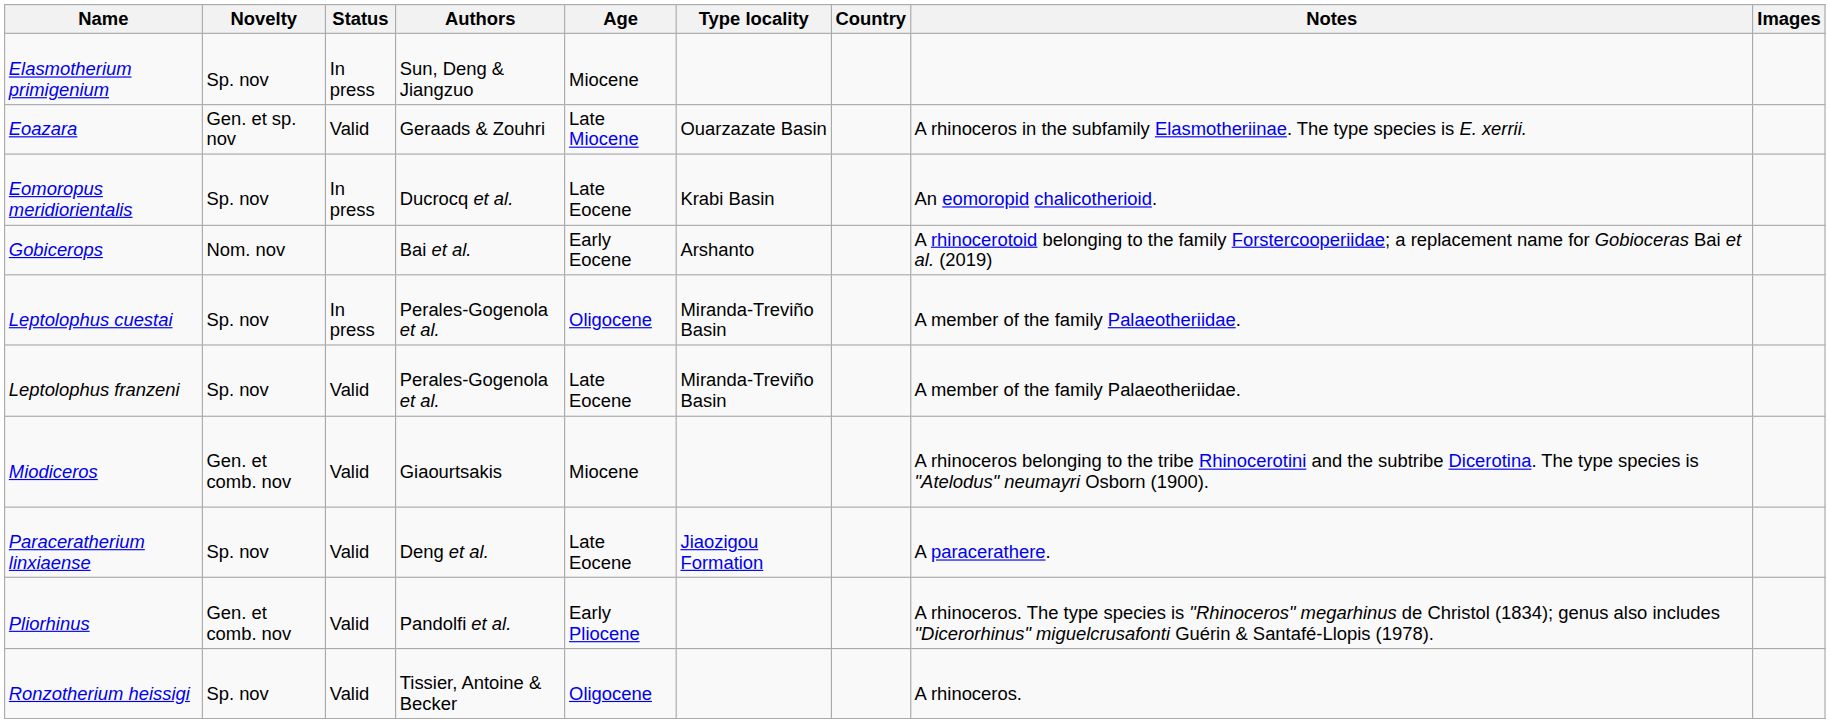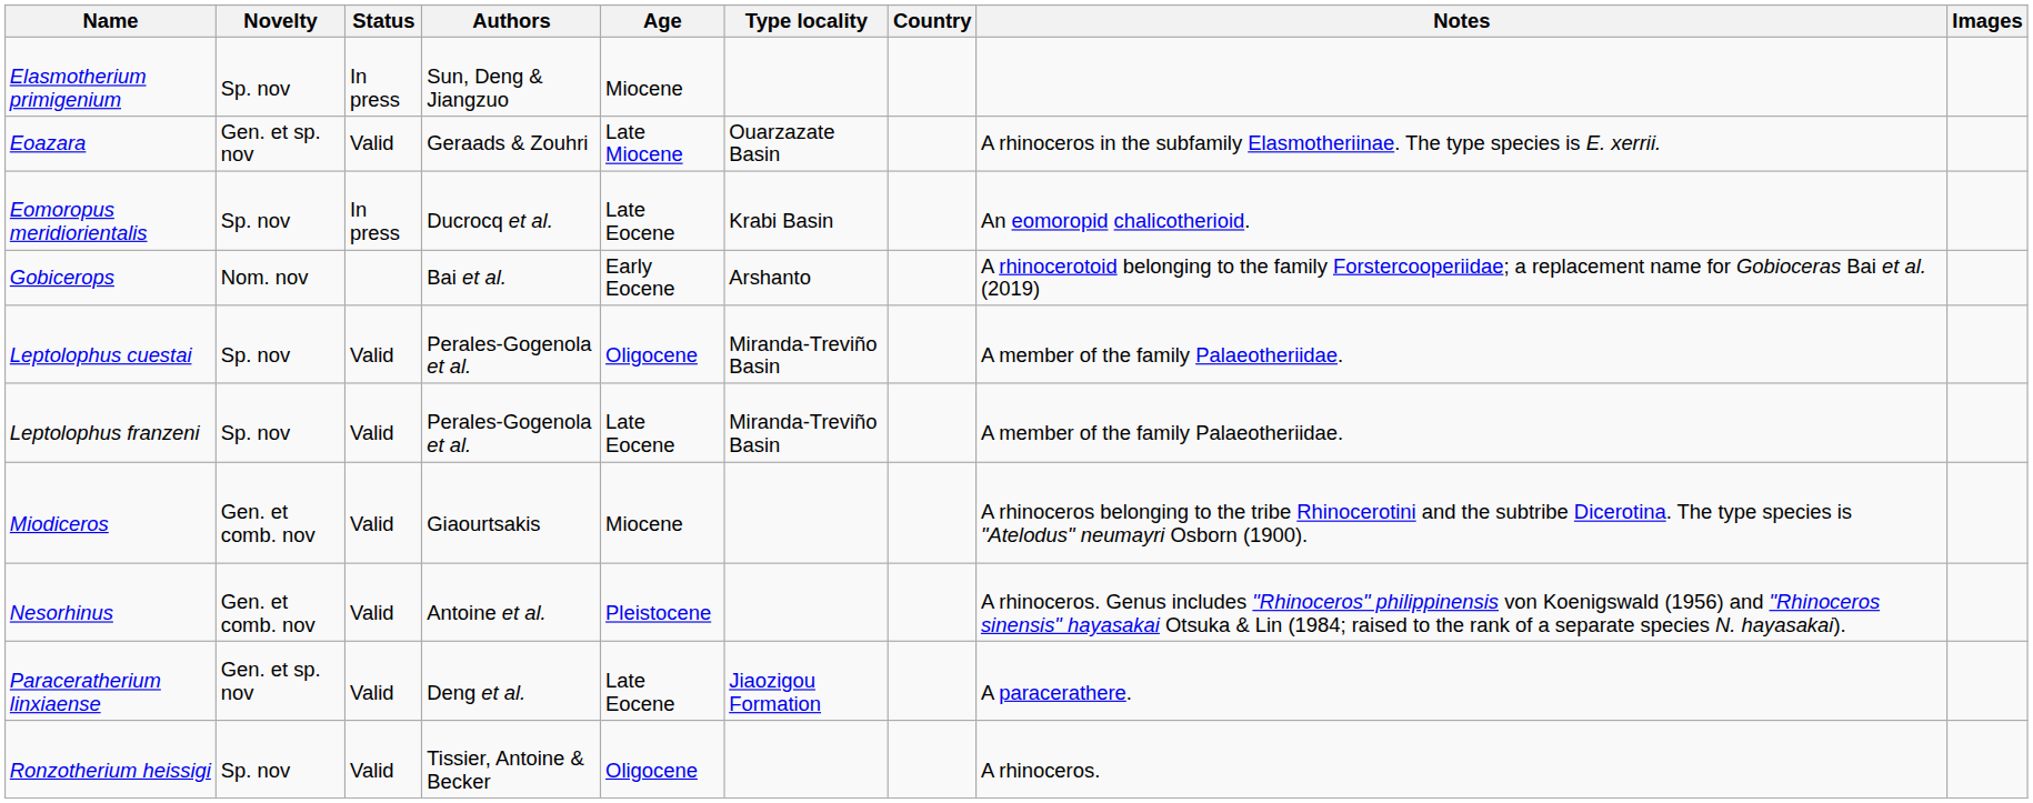 <table class="wikitable sortable" align="center" width="100%">
 <tr>
 <th>Name</th>
 <th>Novelty</th>
 <th>Status</th>
 <th>Authors</th>
 <th>Age</th>
 <th>Type locality</th>
 <th>Country</th>
 <th>Notes</th>
 <th>Images</th>
 </tr>
 <tr>
 <td><br><em><a href='#'>Elasmotherium primigenium</a></em></td>
 <td><br>Sp. nov</td>
 <td><br>In press</td>
 <td><br>Sun, Deng & Jiangzuo</td>
 <td><br>Miocene</td>
 <td></td>
 <td><br></td>
 <td></td>
 <td></td>
 </tr>
 <tr>
 <td><em><a href='#'>Eoazara</a></em></td>
 <td>Gen. et sp. nov</td>
 <td>Valid</td>
 <td>Geraads & Zouhri</td>
 <td>Late <a href='#'>Miocene</a></td>
 <td>Ouarzazate Basin</td>
 <td></td>
 <td>A rhinoceros in the subfamily <a href='#'>Elasmotheriinae</a>. The type species is <em>E. xerrii.</em></td>
 <td></td>
 </tr>
 <tr>
 <td><br><em><a href='#'>Eomoropus meridiorientalis</a></em></td>
 <td><br>Sp. nov</td>
 <td><br>In press</td>
 <td><br>Ducrocq <em>et al.</em></td>
 <td><br>Late Eocene</td>
 <td><br>Krabi Basin</td>
 <td><br></td>
 <td><br>An <a href='#'>eomoropid</a> <a href='#'>chalicotherioid</a>.</td>
 <td></td>
 </tr>
 <tr>
 <td><em><a href='#'>Gobicerops</a></em></td>
 <td>Nom. nov</td>
 <td></td>
 <td>Bai <em>et al.</em></td>
 <td>Early Eocene</td>
 <td>Arshanto</td>
 <td></td>
 <td>A <a href='#'>rhinocerotoid</a> belonging to the family <a href='#'>Forstercooperiidae</a>; a replacement name for <em>Gobioceras</em> Bai  <em>et al.</em> (2019)</td>
 <td></td>
 </tr>
 <tr>
 <td><br><em><a href='#'>Leptolophus cuestai</a></em></td>
 <td><br>Sp. nov</td>
-<td><br>In press</td>
+<td><br>Valid</td>
 <td><br>Perales-Gogenola <em>et al.</em></td>
 <td><br><a href='#'>Oligocene</a></td>
 <td><br>Miranda-Treviño Basin</td>
 <td><br></td>
 <td><br>A member of the family <a href='#'>Palaeotheriidae</a>.</td>
 <td></td>
 </tr>
 <tr>
 <td><br><em>Leptolophus franzeni</em></td>
 <td><br>Sp. nov</td>
 <td><br>Valid</td>
 <td><br>Perales-Gogenola <em>et al.</em></td>
 <td><br>Late Eocene</td>
 <td><br>Miranda-Treviño Basin</td>
 <td><br></td>
 <td><br>A member of the family Palaeotheriidae.</td>
 <td></td>
 </tr>
 <tr>
 <td><br><em><a href='#'>Miodiceros</a></em></td>
 <td><br>Gen. et comb. nov</td>
 <td><br>Valid</td>
 <td><br>Giaourtsakis</td>
 <td><br>Miocene</td>
 <td></td>
 <td><br><br> <br> <br> </td>
 <td><br>A rhinoceros belonging to the tribe <a href='#'>Rhinocerotini</a> and the subtribe <a href='#'>Dicerotina</a>. The type species is <em>"Atelodus" neumayri</em> Osborn (1900).</td>
 <td></td>
 </tr>
 <tr>
+<td><br><em><a href='#'>Nesorhinus</a></em></td>
+<td><br>Gen. et comb. nov</td>
+<td><br>Valid</td>
+<td><br>Antoine <em>et al.</em></td>
+<td><br><a href='#'>Pleistocene</a></td>
+<td></td>
+<td><br><br> </td>
+<td><br>A rhinoceros. Genus includes <em><a href='#'>"Rhinoceros" philippinensis</a></em> von Koenigswald (1956) and <em><a href='#'>"Rhinoceros sinensis" hayasakai</a></em> Otsuka & Lin (1984; raised to the rank of a separate species <em>N. hayasakai</em>).</td>
+<td></td>
+</tr>
+<tr>
 <td><br><em><a href='#'>Paraceratherium linxiaense</a></em></td>
-<td><br>Sp. nov</td>
+<td>Gen. et sp. nov</td>
 <td><br>Valid</td>
 <td><br>Deng <em>et al.</em></td>
 <td><br>Late Eocene</td>
 <td><br><a href='#'>Jiaozigou Formation</a></td>
 <td><br></td>
 <td><br>A <a href='#'>paracerathere</a>.</td>
-<td></td>
-</tr>
-<tr>
-<td><br><em><a href='#'>Pliorhinus</a></em></td>
-<td><br>Gen. et comb. nov</td>
-<td><br>Valid</td>
-<td><br>Pandolfi <em>et al.</em></td>
-<td><br>Early <a href='#'>Pliocene</a></td>
-<td></td>
-<td></td>
-<td><br>A rhinoceros. The type species is <em>"Rhinoceros" megarhinus</em> de Christol (1834); genus also includes <em>"Dicerorhinus" miguelcrusafonti</em> Guérin & Santafé-Llopis (1978).</td>
 <td></td>
 </tr>
 <tr>
 <td><br><em><a href='#'>Ronzotherium heissigi</a></em></td>
 <td><br>Sp. nov</td>
 <td><br>Valid</td>
 <td><br>Tissier, Antoine & Becker</td>
 <td><br><a href='#'>Oligocene</a></td>
 <td></td>
 <td><br><br></td>
 <td><br>A rhinoceros.</td>
 <td></td>
 </tr>
 <tr>
 </tr>
 </table>
